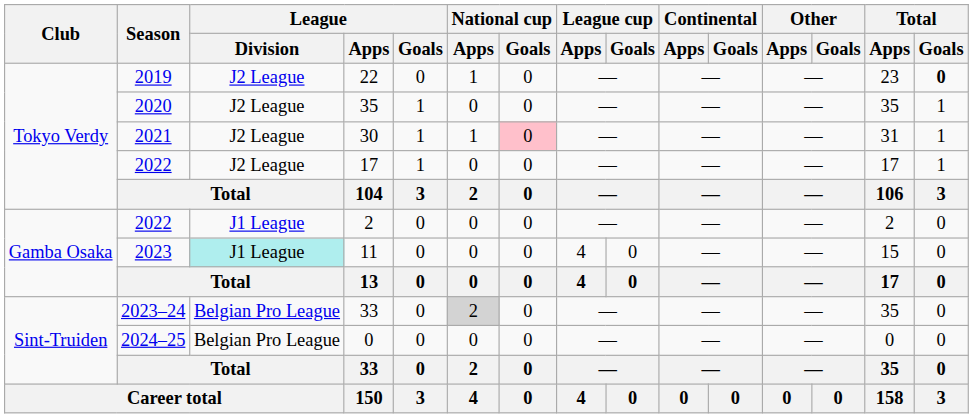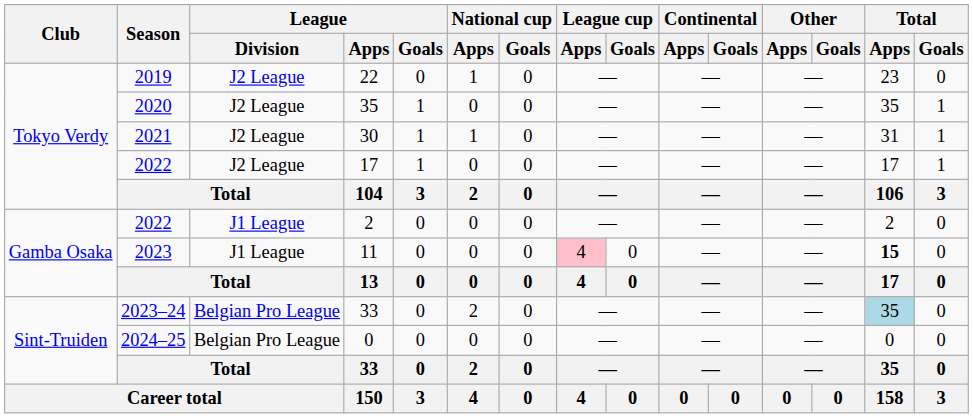 <table class="wikitable" style="text-align:center">
 <tr>
 <th rowspan="2">Club</th>
 <th rowspan="2">Season</th>
 <th colspan="3">League</th>
 <th colspan="2">National cup</th>
 <th colspan="2">League cup</th>
 <th colspan="2">Continental</th>
 <th colspan="2">Other</th>
 <th colspan="2">Total</th>
 </tr>
 <tr>
 <th>Division</th>
 <th>Apps</th>
 <th>Goals</th>
 <th>Apps</th>
 <th>Goals</th>
 <th>Apps</th>
 <th>Goals</th>
 <th>Apps</th>
 <th>Goals</th>
 <th>Apps</th>
 <th>Goals</th>
 <th>Apps</th>
 <th>Goals</th>
 </tr>
 <tr>
 <td rowspan="5"><a href='#'>Tokyo Verdy</a></td>
 <td><a href='#'>2019</a></td>
 <td><a href='#'>J2 League</a></td>
 <td>22</td>
 <td>0</td>
 <td>1</td>
 <td>0</td>
 <td colspan="2">—</td>
 <td colspan="2">—</td>
 <td colspan="2">—</td>
 <td>23</td>
-<td><strong>0</strong></td>
+<td>0</td>
 </tr>
 <tr>
 <td><a href='#'>2020</a></td>
 <td>J2 League</td>
 <td>35</td>
 <td>1</td>
 <td>0</td>
 <td>0</td>
 <td colspan="2">—</td>
 <td colspan="2">—</td>
 <td colspan="2">—</td>
 <td>35</td>
 <td>1</td>
 </tr>
 <tr>
 <td><a href='#'>2021</a></td>
 <td>J2 League</td>
 <td>30</td>
 <td>1</td>
 <td>1</td>
-<td style="background: pink;">0</td>
+<td>0</td>
 <td colspan="2">—</td>
 <td colspan="2">—</td>
 <td colspan="2">—</td>
 <td>31</td>
 <td>1</td>
 </tr>
 <tr>
 <td><a href='#'>2022</a></td>
 <td>J2 League</td>
 <td>17</td>
 <td>1</td>
 <td>0</td>
 <td>0</td>
 <td colspan="2">—</td>
 <td colspan="2">—</td>
 <td colspan="2">—</td>
 <td>17</td>
 <td>1</td>
 </tr>
 <tr>
 <th colspan="2">Total</th>
 <th>104</th>
 <th>3</th>
 <th>2</th>
 <th>0</th>
 <th colspan="2">—</th>
 <th colspan="2">—</th>
 <th colspan="2">—</th>
 <th>106</th>
 <th>3</th>
 </tr>
 <tr>
 <td rowspan="3"><a href='#'>Gamba Osaka</a></td>
 <td><a href='#'>2022</a></td>
 <td><a href='#'>J1 League</a></td>
 <td>2</td>
 <td>0</td>
 <td>0</td>
 <td>0</td>
 <td colspan="2">—</td>
 <td colspan="2">—</td>
 <td colspan="2">—</td>
 <td>2</td>
 <td>0</td>
 </tr>
 <tr>
 <td><a href='#'>2023</a></td>
-<td style="background: paleturquoise;">J1 League</td>
+<td>J1 League</td>
 <td>11</td>
 <td>0</td>
 <td>0</td>
 <td>0</td>
-<td>4</td>
+<td style="background: pink;">4</td>
 <td>0</td>
 <td colspan="2">—</td>
 <td colspan="2">—</td>
-<td>15</td>
+<td><strong>15</strong></td>
 <td>0</td>
 </tr>
 <tr>
 <th colspan="2">Total</th>
 <th>13</th>
 <th>0</th>
 <th>0</th>
 <th>0</th>
 <th>4</th>
 <th>0</th>
 <th colspan="2">—</th>
 <th colspan="2">—</th>
 <th>17</th>
 <th>0</th>
 </tr>
 <tr>
 <td rowspan="3"><a href='#'>Sint-Truiden</a></td>
 <td><a href='#'>2023–24</a></td>
 <td><a href='#'>Belgian Pro League</a></td>
 <td>33</td>
 <td>0</td>
-<td style="background: lightgrey;">2</td>
+<td>2</td>
 <td>0</td>
 <td colspan="2">—</td>
 <td colspan="2">—</td>
 <td colspan="2">—</td>
-<td>35</td>
+<td style="background: lightblue;">35</td>
 <td>0</td>
 </tr>
 <tr>
 <td><a href='#'>2024–25</a></td>
 <td>Belgian Pro League</td>
 <td>0</td>
 <td>0</td>
 <td>0</td>
 <td>0</td>
 <td colspan="2">—</td>
 <td colspan="2">—</td>
 <td colspan="2">—</td>
 <td>0</td>
 <td>0</td>
 </tr>
 <tr>
 <th colspan="2">Total</th>
 <th>33</th>
 <th>0</th>
 <th>2</th>
 <th>0</th>
 <th colspan="2">—</th>
 <th colspan="2">—</th>
 <th colspan="2">—</th>
 <th>35</th>
 <th>0</th>
 </tr>
 <tr>
 <th colspan="3">Career total</th>
 <th>150</th>
 <th>3</th>
 <th>4</th>
 <th>0</th>
 <th>4</th>
 <th>0</th>
 <th>0</th>
 <th>0</th>
 <th>0</th>
 <th>0</th>
 <th>158</th>
 <th>3</th>
 </tr>
 </table>
